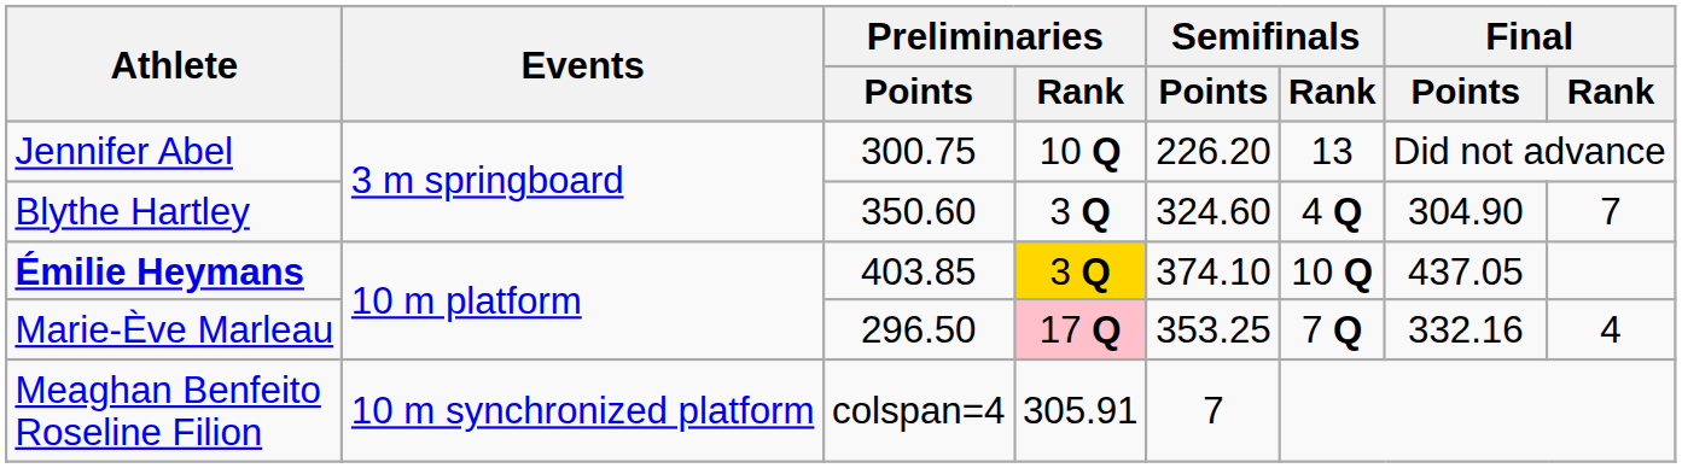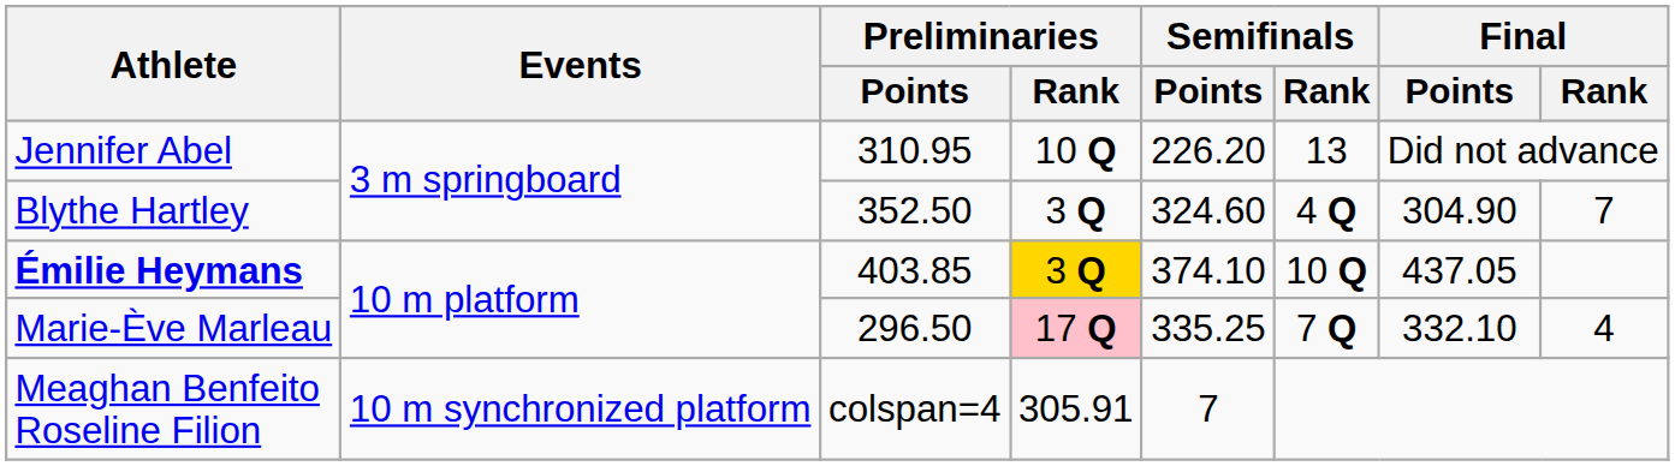 <table class=wikitable style="font-size:90%">
 <tr>
 <th rowspan="2">Athlete</th>
 <th rowspan="2">Events</th>
 <th colspan="2">Preliminaries</th>
 <th colspan="2">Semifinals</th>
 <th colspan="2">Final</th>
 </tr>
 <tr style="font-size:95%">
 <th>Points</th>
 <th>Rank</th>
 <th>Points</th>
 <th>Rank</th>
 <th>Points</th>
 <th>Rank</th>
 </tr>
 <tr align=center>
 <td align=left><a href='#'>Jennifer Abel</a></td>
 <td align=left rowspan=2><a href='#'>3 m springboard</a></td>
-<td>300.75</td>
+<td>310.95</td>
 <td>10 <strong>Q</strong></td>
 <td>226.20</td>
 <td>13</td>
 <td colspan=2>Did not advance</td>
 </tr>
 <tr align=center>
 <td align=left><a href='#'>Blythe Hartley</a></td>
-<td>350.60</td>
+<td>352.50</td>
 <td>3 <strong>Q</strong></td>
 <td>324.60</td>
 <td>4 <strong>Q</strong></td>
 <td>304.90</td>
 <td>7</td>
 </tr>
 <tr align=center>
 <td align=left><strong><a href='#'>Émilie Heymans</a></strong></td>
 <td align=left rowspan=2><a href='#'>10 m platform</a></td>
 <td>403.85</td>
 <td style="background: gold;">3 <strong>Q</strong></td>
 <td>374.10</td>
 <td>10 <strong>Q</strong></td>
 <td>437.05</td>
 <td></td>
 </tr>
 <tr align=center>
 <td align=left><a href='#'>Marie-Ève Marleau</a></td>
 <td>296.50</td>
 <td style="background: pink;">17 <strong>Q</strong></td>
-<td>353.25</td>
+<td>335.25</td>
 <td>7 <strong>Q</strong></td>
-<td>332.16</td>
+<td>332.10</td>
 <td>4</td>
 </tr>
 <tr align=center>
 <td align=left><a href='#'>Meaghan Benfeito</a> <br><a href='#'>Roseline Filion</a></td>
 <td align=left><a href='#'>10 m synchronized platform</a></td>
 <td>colspan=4 </td>
 <td>305.91</td>
 <td>7</td>
 </tr>
 </table>
